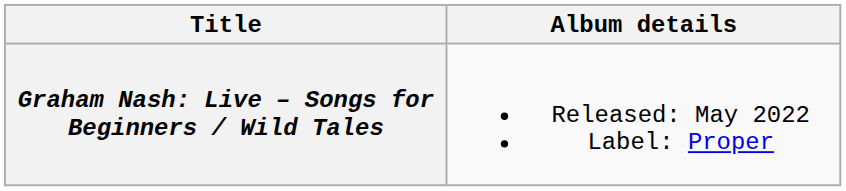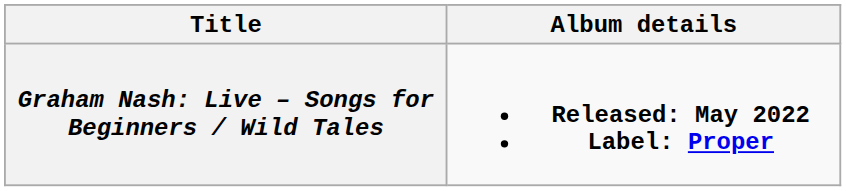 <table class="wikitable plainrowheaders" style="text-align:center;">
 <tr>
 <th scope="col" style="width:18em;">Title</th>
 <th scope="col" style="width:16em;">Album details</th>
 </tr>
 <tr>
 <th scope="row"><em>Graham Nash: Live – Songs for Beginners / Wild Tales</em></th>
-<td><br><ul><li>Released: May 2022</li><li>Label: <a href='#'>Proper</a></li></ul></td>
+<td><strong><br><ul><li>Released: May 2022</li><li>Label: <a href='#'>Proper</a></li></ul></strong></td>
 </tr>
 </table>
